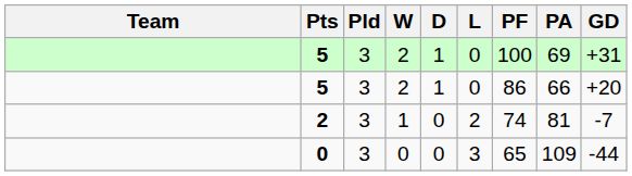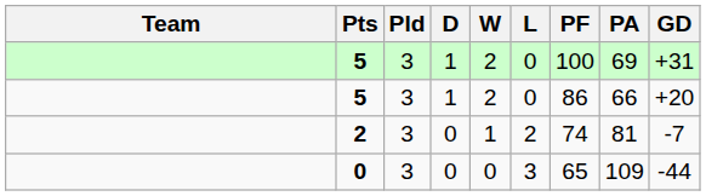 <table class=wikitable style="text-align:center">
 <tr>
 <th width=220>Team</th>
 <th width=20>Pts</th>
 <th width=20>Pld</th>
+<th width=20>D</th>
 <th width=20>W</th>
-<th width=20>D</th>
 <th width=20>L</th>
 <th width=20>PF</th>
 <th width=20>PA</th>
 <th width=20>GD</th>
 </tr>
 <tr bgcolor=#ccffcc>
 <td align=left></td>
 <td><strong>5</strong></td>
 <td>3</td>
+<td>1</td>
 <td>2</td>
-<td>1</td>
 <td>0</td>
 <td>100</td>
 <td>69</td>
 <td>+31</td>
 </tr>
 <tr bgcolor=>
 <td align=left></td>
 <td><strong>5</strong></td>
 <td>3</td>
+<td>1</td>
 <td>2</td>
-<td>1</td>
 <td>0</td>
 <td>86</td>
 <td>66</td>
 <td>+20</td>
 </tr>
 <tr bgcolor=>
 <td align=left></td>
 <td><strong>2</strong></td>
 <td>3</td>
+<td>0</td>
 <td>1</td>
-<td>0</td>
 <td>2</td>
 <td>74</td>
 <td>81</td>
 <td>-7</td>
 </tr>
 <tr bgcolor=>
 <td align=left></td>
 <td><strong>0</strong></td>
 <td>3</td>
 <td>0</td>
 <td>0</td>
 <td>3</td>
 <td>65</td>
 <td>109</td>
 <td>-44</td>
 </tr>
 </table>
